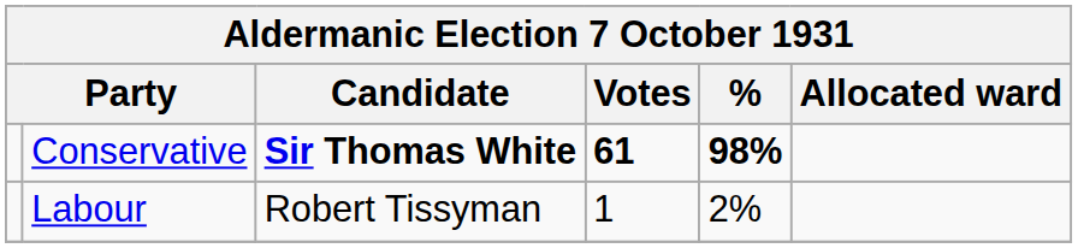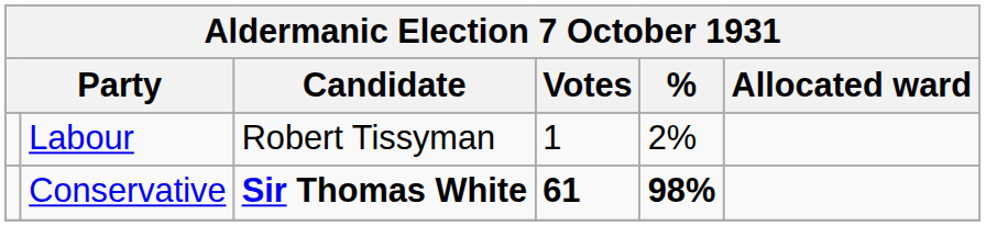 <table class="wikitable">
 <tr>
 <th colspan="6"><strong>Aldermanic Election 7 October 1931</strong></th>
 </tr>
 <tr>
 <th colspan="2">Party</th>
 <th>Candidate</th>
 <th>Votes</th>
 <th>%</th>
 <th>Allocated ward</th>
 </tr>
 <tr>
 <td style="background-color:"></td>
+<td><a href='#'>Labour</a></td>
+<td>Robert Tissyman</td>
+<td>1</td>
+<td>2%</td>
+<td></td>
+</tr>
+<tr>
+<td style="background-color:"></td>
 <td><a href='#'>Conservative</a></td>
 <td><strong><a href='#'>Sir</a> Thomas White</strong></td>
 <td><strong>61</strong></td>
 <td><strong>98%</strong></td>
 <td></td>
 </tr>
 <tr>
-<td style="background-color:"></td>
-<td><a href='#'>Labour</a></td>
-<td>Robert Tissyman</td>
-<td>1</td>
-<td>2%</td>
-<td></td>
-</tr>
-<tr>
 </tr>
 </table>
